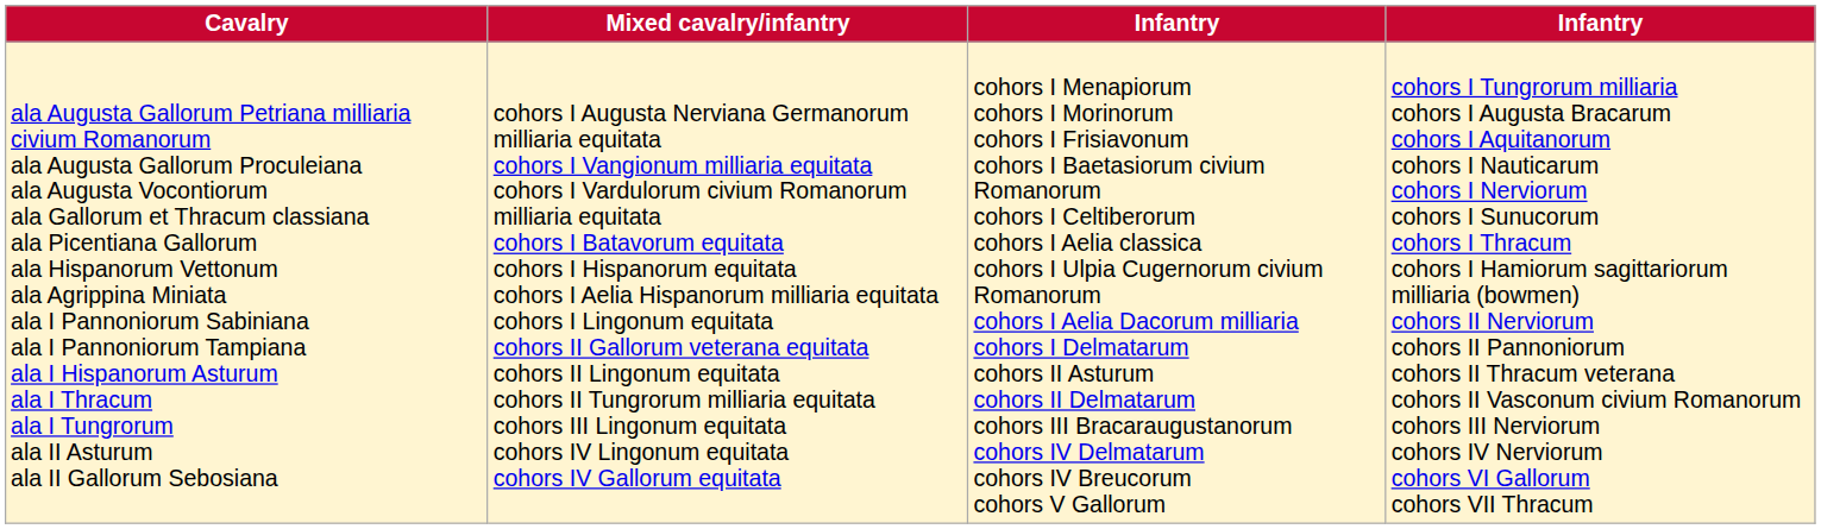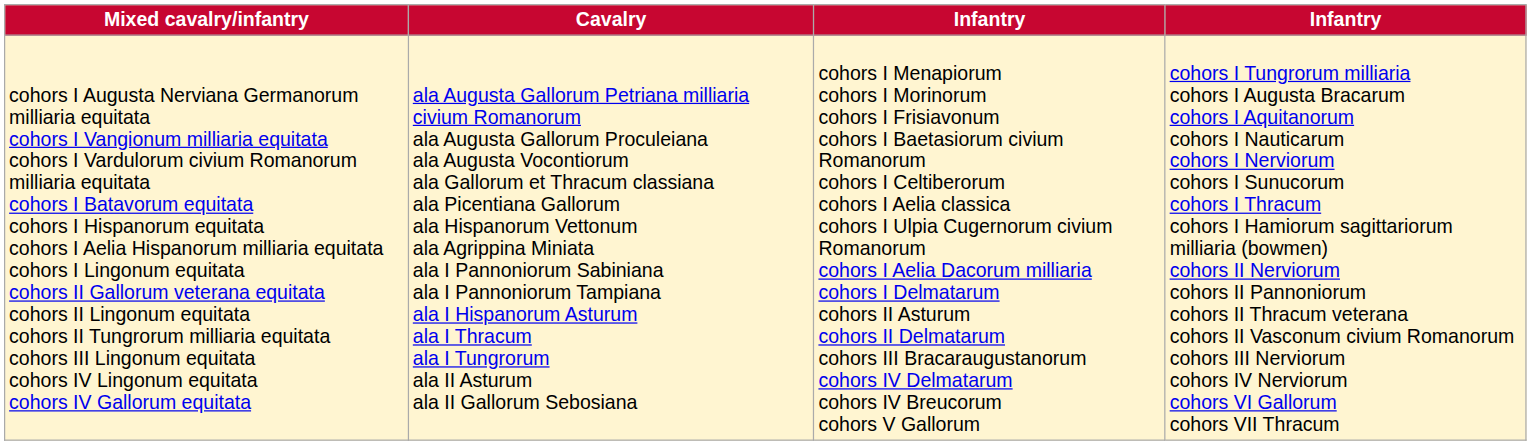 <table class="wikitable" style="background-color: #fff5d1;">
 <tr>
+<th style="color:#ffffff; background-color:#c70631;">Mixed cavalry/infantry</th>
 <th style="color:#ffffff; background-color:#c70631;">Cavalry</th>
-<th style="color:#ffffff; background-color:#c70631;">Mixed cavalry/infantry</th>
 <th style="color:#ffffff; background-color:#c70631;">Infantry</th>
 <th style="color:#ffffff; background-color:#c70631;">Infantry</th>
 </tr>
 <tr>
+<td><br>cohors I Augusta Nerviana Germanorum milliaria equitata<br> <a href='#'>cohors I Vangionum milliaria equitata</a><br> cohors I Vardulorum civium Romanorum milliaria equitata<br> <a href='#'>cohors I Batavorum equitata</a><br> cohors I Hispanorum equitata<br> cohors I Aelia Hispanorum milliaria equitata<br> cohors I Lingonum equitata<br> <a href='#'>cohors II Gallorum veterana equitata</a><br> cohors II Lingonum equitata<br> cohors II Tungrorum milliaria equitata<br> cohors III Lingonum equitata<br> cohors IV Lingonum equitata<br> <a href='#'>cohors IV Gallorum equitata</a></td>
 <td><br><a href='#'>ala Augusta Gallorum Petriana milliaria civium Romanorum</a><br> ala Augusta Gallorum Proculeiana<br> ala Augusta Vocontiorum<br> ala Gallorum et Thracum classiana<br> ala Picentiana Gallorum<br> ala Hispanorum Vettonum<br> ala Agrippina Miniata<br> ala I Pannoniorum Sabiniana<br> ala I Pannoniorum Tampiana<br> <a href='#'>ala I Hispanorum Asturum</a><br> <a href='#'>ala I Thracum</a><br> <a href='#'>ala I Tungrorum</a><br> ala II Asturum<br> ala II Gallorum Sebosiana</td>
-<td><br>cohors I Augusta Nerviana Germanorum milliaria equitata<br> <a href='#'>cohors I Vangionum milliaria equitata</a><br> cohors I Vardulorum civium Romanorum milliaria equitata<br> <a href='#'>cohors I Batavorum equitata</a><br> cohors I Hispanorum equitata<br> cohors I Aelia Hispanorum milliaria equitata<br> cohors I Lingonum equitata<br> <a href='#'>cohors II Gallorum veterana equitata</a><br> cohors II Lingonum equitata<br> cohors II Tungrorum milliaria equitata<br> cohors III Lingonum equitata<br> cohors IV Lingonum equitata<br> <a href='#'>cohors IV Gallorum equitata</a></td>
 <td><br>cohors I Menapiorum<br> cohors I Morinorum<br> cohors I Frisiavonum<br> cohors I Baetasiorum civium Romanorum<br> cohors I Celtiberorum<br> cohors I Aelia classica<br> cohors I Ulpia Cugernorum civium Romanorum<br> <a href='#'>cohors I Aelia Dacorum milliaria</a><br> <a href='#'>cohors I Delmatarum</a><br> cohors II Asturum<br> <a href='#'>cohors II Delmatarum</a><br> cohors III Bracaraugustanorum<br> <a href='#'>cohors IV Delmatarum</a><br> cohors IV Breucorum<br> cohors V Gallorum</td>
 <td><br><a href='#'>cohors I Tungrorum milliaria</a><br> cohors I Augusta Bracarum<br> <a href='#'>cohors I Aquitanorum</a><br> cohors I Nauticarum<br> <a href='#'>cohors I Nerviorum</a><br> cohors I Sunucorum<br> <a href='#'>cohors I Thracum</a><br> cohors I Hamiorum sagittariorum milliaria (bowmen)<br> <a href='#'>cohors II Nerviorum</a><br> cohors II Pannoniorum<br> cohors II Thracum veterana<br> cohors II Vasconum civium Romanorum<br> cohors III Nerviorum<br> cohors IV Nerviorum<br> <a href='#'>cohors VI Gallorum</a><br> cohors VII Thracum</td>
 </tr>
 </table>
